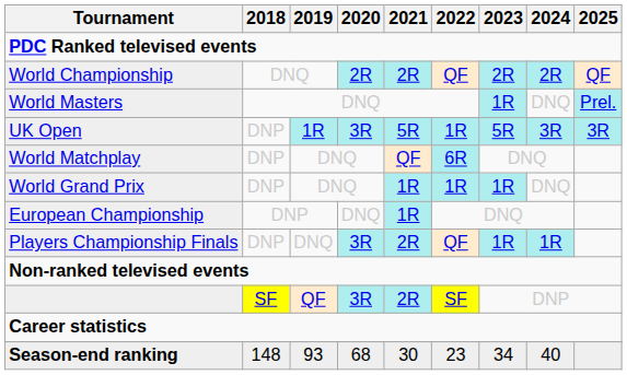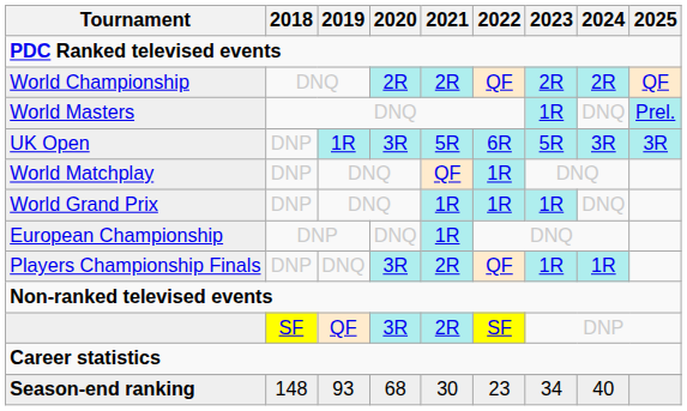 <table class="wikitable">
 <tr>
 <th>Tournament</th>
 <th>2018</th>
 <th>2019</th>
 <th>2020</th>
 <th>2021</th>
 <th>2022</th>
 <th>2023</th>
 <th>2024</th>
 <th>2025</th>
 </tr>
 <tr>
 <td colspan="11" align="left"><strong><a href='#'>PDC</a> Ranked televised events</strong></td>
 </tr>
 <tr>
 <td style="background:#efefef;"><a href='#'>World Championship</a></td>
 <td colspan="2" style="text-align:center; color:#ccc;">DNQ</td>
 <td style="text-align:center; background:#afeeee;"><a href='#'>2R</a></td>
 <td style="text-align:center; background:#afeeee;"><a href='#'>2R</a></td>
 <td style="text-align:center; background:#ffebcd;"><a href='#'>QF</a></td>
 <td style="text-align:center; background:#afeeee;"><a href='#'>2R</a></td>
 <td style="text-align:center; background:#afeeee;"><a href='#'>2R</a></td>
 <td style="text-align:center; background:#ffebcd;"><a href='#'>QF</a></td>
 </tr>
 <tr>
 <td style="background:#efefef;"><a href='#'>World Masters</a></td>
 <td colspan="5" style="text-align:center; color:#ccc;">DNQ</td>
 <td style="text-align:center; background:#afeeee;"><a href='#'>1R</a></td>
 <td style="text-align:center; color:#ccc;">DNQ</td>
 <td style="text-align:center; background:#afeeee;"><a href='#'>Prel.</a></td>
 </tr>
 <tr>
 <td style="background:#efefef;"><a href='#'>UK Open</a></td>
 <td style="text-align:center; color:#ccc;">DNP</td>
 <td style="text-align:center; background:#afeeee;"><a href='#'>1R</a></td>
 <td style="text-align:center; background:#afeeee;"><a href='#'>3R</a></td>
 <td style="text-align:center; background:#afeeee;"><a href='#'>5R</a></td>
-<td style="text-align:center; background:#afeeee;"><a href='#'>1R</a></td>
+<td style="text-align:center; background:#afeeee;"><a href='#'>6R</a></td>
 <td style="text-align:center; background:#afeeee;"><a href='#'>5R</a></td>
 <td style="text-align:center; background:#afeeee;"><a href='#'>3R</a></td>
 <td style="text-align:center; background:#afeeee;"><a href='#'>3R</a></td>
 </tr>
 <tr>
 <td style="background:#efefef;"><a href='#'>World Matchplay</a></td>
 <td style="text-align:center; color:#ccc;">DNP</td>
 <td colspan="2" style="text-align:center; color:#ccc;">DNQ</td>
 <td style="text-align:center; background:#ffebcd;"><a href='#'>QF</a></td>
-<td style="text-align:center; background:#afeeee;"><a href='#'>6R</a></td>
+<td style="text-align:center; background:#afeeee;"><a href='#'>1R</a></td>
 <td colspan="2" style="text-align:center; color:#ccc;">DNQ</td>
 <td></td>
 </tr>
 <tr>
 <td style="background:#efefef;"><a href='#'>World Grand Prix</a></td>
 <td style="text-align:center; color:#ccc;">DNP</td>
 <td colspan="2" style="text-align:center; color:#ccc;">DNQ</td>
 <td style="text-align:center; background:#afeeee;"><a href='#'>1R</a></td>
 <td style="text-align:center; background:#afeeee;"><a href='#'>1R</a></td>
 <td style="text-align:center; background:#afeeee;"><a href='#'>1R</a></td>
 <td style="text-align:center; color:#ccc;">DNQ</td>
 <td></td>
 </tr>
 <tr>
 <td style="background:#efefef;"><a href='#'>European Championship</a></td>
 <td colspan="2" style="text-align:center; color:#ccc;">DNP</td>
 <td style="text-align:center; color:#ccc;">DNQ</td>
 <td style="text-align:center; background:#afeeee;"><a href='#'>1R</a></td>
 <td colspan="3" style="text-align:center; color:#ccc;">DNQ</td>
 <td></td>
 </tr>
 <tr>
 <td style="background:#efefef;"><a href='#'>Players Championship Finals</a></td>
 <td style="text-align:center; color:#ccc;">DNP</td>
 <td style="text-align:center; color:#ccc;">DNQ</td>
 <td style="text-align:center; background:#afeeee;"><a href='#'>3R</a></td>
 <td style="text-align:center; background:#afeeee;"><a href='#'>2R</a></td>
 <td style="text-align:center; background:#ffebcd;"><a href='#'>QF</a></td>
 <td style="text-align:center; background:#afeeee;"><a href='#'>1R</a></td>
 <td style="text-align:center; background:#afeeee;"><a href='#'>1R</a></td>
 <td></td>
 </tr>
 <tr>
 <td colspan="11" align="left"><strong>Non-ranked televised events</strong></td>
 </tr>
 <tr>
 <td style="background:#efefef;"></td>
 <td style="text-align:center; background:yellow;"><a href='#'>SF</a></td>
 <td style="text-align:center; background:#ffebcd;"><a href='#'>QF</a></td>
 <td style="text-align:center; background:#afeeee;"><a href='#'>3R</a></td>
 <td style="text-align:center; background:#afeeee;"><a href='#'>2R</a></td>
 <td style="text-align:center; background:yellow;"><a href='#'>SF</a></td>
 <td colspan="3" style="text-align:center; color:#ccc;">DNP</td>
 </tr>
 <tr>
 <td colspan="15" align="left"><strong>Career statistics</strong></td>
 </tr>
 <tr>
 </tr>
 <tr bgcolor="efefef">
 <td align="left"><strong>Season-end ranking</strong></td>
 <td style="text-align:center;">148</td>
 <td style="text-align:center;">93</td>
 <td style="text-align:center;">68</td>
 <td style="text-align:center;">30</td>
 <td style="text-align:center;">23</td>
 <td style="text-align:center;">34</td>
 <td style="text-align:center;">40</td>
 <td></td>
 </tr>
 </table>
